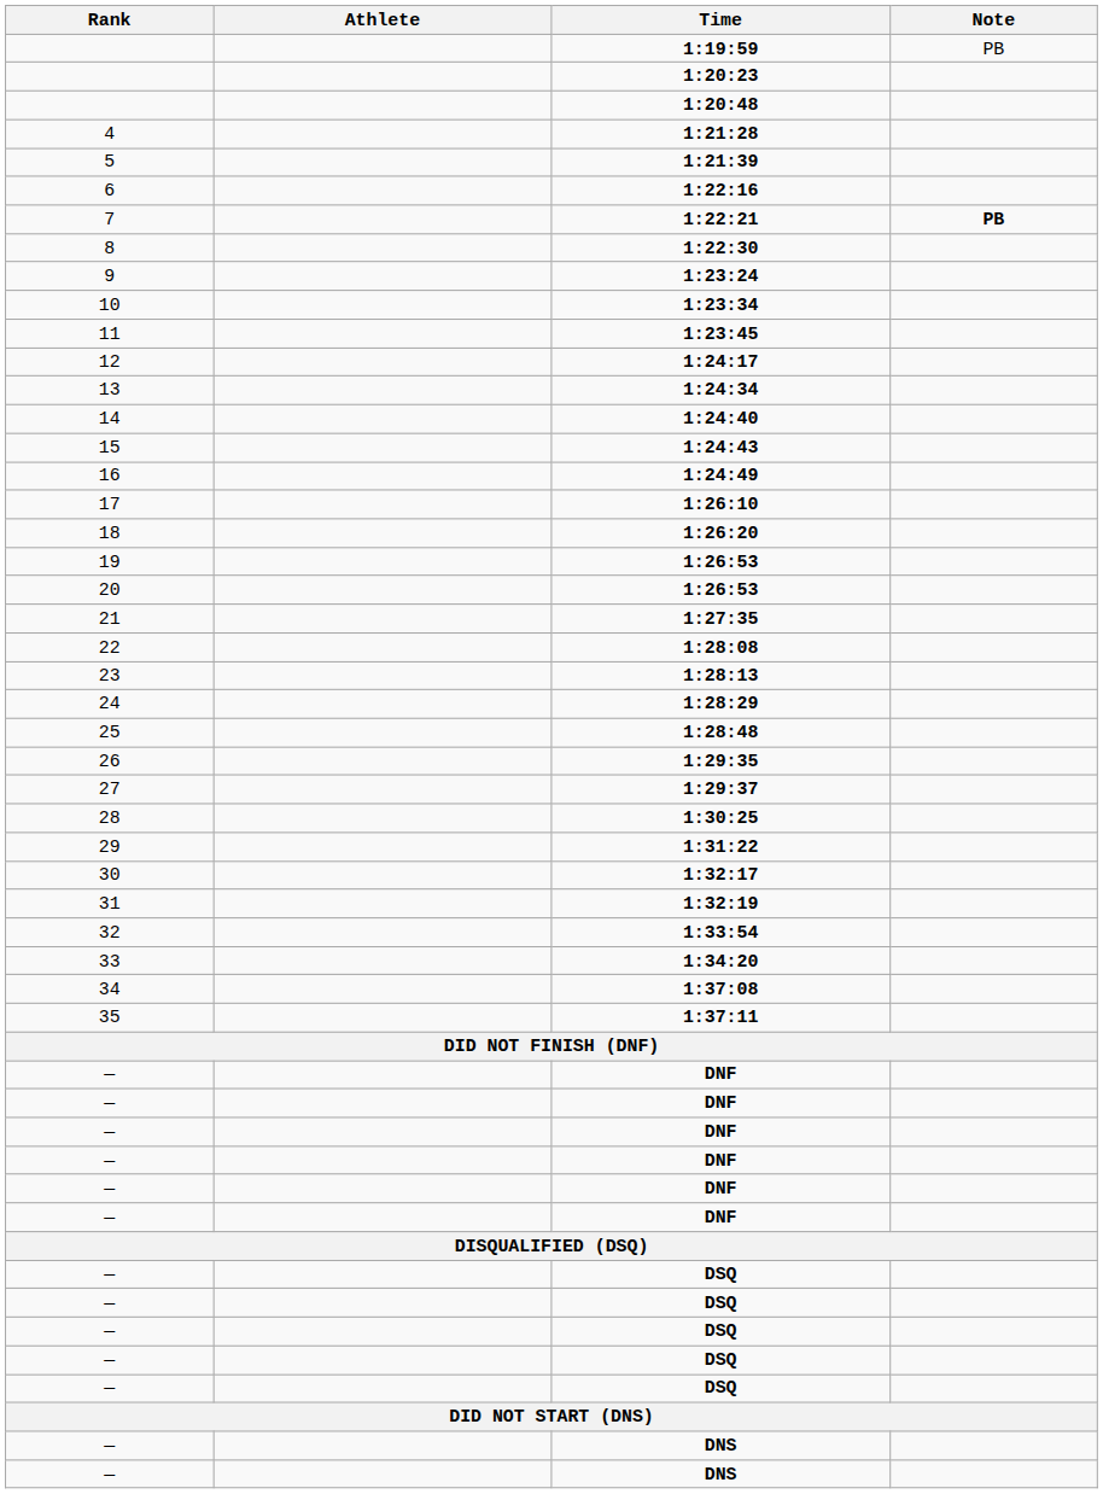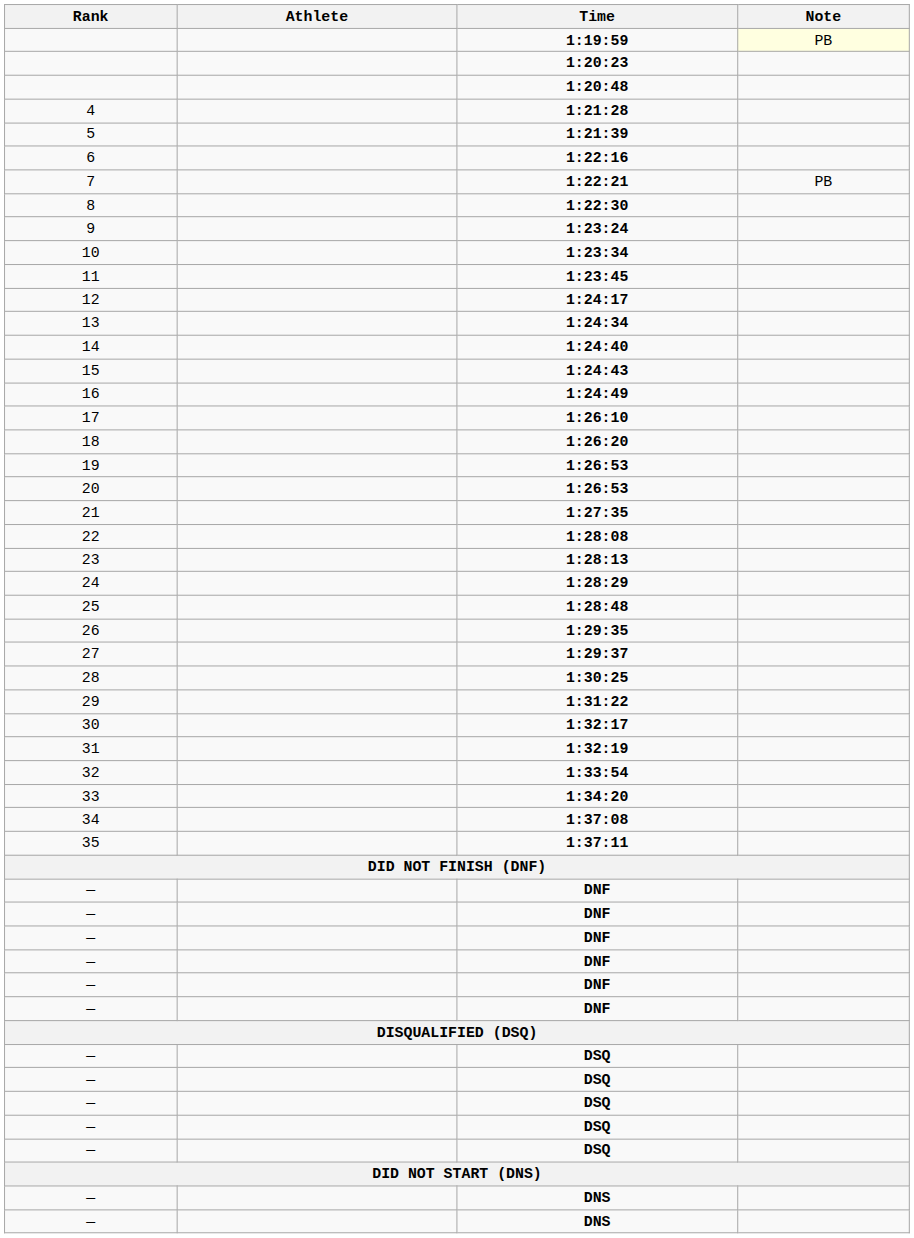 <table class="wikitable" style=" text-align:center; font-size:110%;" width="55%">
 <tr>
 <th>Rank</th>
 <th>Athlete</th>
 <th>Time</th>
 <th>Note</th>
 </tr>
 <tr>
 <td></td>
 <td align=left></td>
 <td><strong>1:19:59</strong></td>
-<td>PB</td>
+<td style="background: lightyellow;">PB</td>
 </tr>
 <tr>
 <td></td>
 <td align=left></td>
 <td><strong>1:20:23</strong></td>
 <td></td>
 </tr>
 <tr>
 <td></td>
 <td align=left></td>
 <td><strong>1:20:48</strong></td>
 <td></td>
 </tr>
 <tr>
 <td>4</td>
 <td align=left></td>
 <td><strong>1:21:28</strong></td>
 <td></td>
 </tr>
 <tr>
 <td>5</td>
 <td align=left></td>
 <td><strong>1:21:39</strong></td>
 <td></td>
 </tr>
 <tr>
 <td>6</td>
 <td align=left></td>
 <td><strong>1:22:16</strong></td>
 <td></td>
 </tr>
 <tr>
 <td>7</td>
 <td align=left></td>
 <td><strong>1:22:21</strong></td>
-<td><strong>PB</strong></td>
+<td>PB</td>
 </tr>
 <tr>
 <td>8</td>
 <td align=left></td>
 <td><strong>1:22:30</strong></td>
 <td></td>
 </tr>
 <tr>
 <td>9</td>
 <td align=left></td>
 <td><strong>1:23:24</strong></td>
 <td></td>
 </tr>
 <tr>
 <td>10</td>
 <td align=left></td>
 <td><strong>1:23:34</strong></td>
 <td></td>
 </tr>
 <tr>
 <td>11</td>
 <td align=left></td>
 <td><strong>1:23:45</strong></td>
 <td></td>
 </tr>
 <tr>
 <td>12</td>
 <td align=left></td>
 <td><strong>1:24:17</strong></td>
 <td></td>
 </tr>
 <tr>
 <td>13</td>
 <td align=left></td>
 <td><strong>1:24:34</strong></td>
 <td></td>
 </tr>
 <tr>
 <td>14</td>
 <td align=left></td>
 <td><strong>1:24:40</strong></td>
 <td></td>
 </tr>
 <tr>
 <td>15</td>
 <td align=left></td>
 <td><strong>1:24:43</strong></td>
 <td></td>
 </tr>
 <tr>
 <td>16</td>
 <td align=left></td>
 <td><strong>1:24:49</strong></td>
 <td></td>
 </tr>
 <tr>
 <td>17</td>
 <td align=left></td>
 <td><strong>1:26:10</strong></td>
 <td></td>
 </tr>
 <tr>
 <td>18</td>
 <td align=left></td>
 <td><strong>1:26:20</strong></td>
 <td></td>
 </tr>
 <tr>
 <td>19</td>
 <td align=left></td>
 <td><strong>1:26:53</strong></td>
 <td></td>
 </tr>
 <tr>
 <td>20</td>
 <td align=left></td>
 <td><strong>1:26:53</strong></td>
 <td></td>
 </tr>
 <tr>
 <td>21</td>
 <td align=left></td>
 <td><strong>1:27:35</strong></td>
 <td></td>
 </tr>
 <tr>
 <td>22</td>
 <td align=left></td>
 <td><strong>1:28:08</strong></td>
 <td></td>
 </tr>
 <tr>
 <td>23</td>
 <td align=left></td>
 <td><strong>1:28:13</strong></td>
 <td></td>
 </tr>
 <tr>
 <td>24</td>
 <td align=left></td>
 <td><strong>1:28:29</strong></td>
 <td></td>
 </tr>
 <tr>
 <td>25</td>
 <td align=left></td>
 <td><strong>1:28:48</strong></td>
 <td></td>
 </tr>
 <tr>
 <td>26</td>
 <td align=left></td>
 <td><strong>1:29:35</strong></td>
 <td></td>
 </tr>
 <tr>
 <td>27</td>
 <td align=left></td>
 <td><strong>1:29:37</strong></td>
 <td></td>
 </tr>
 <tr>
 <td>28</td>
 <td align=left></td>
 <td><strong>1:30:25</strong></td>
 <td></td>
 </tr>
 <tr>
 <td>29</td>
 <td align=left></td>
 <td><strong>1:31:22</strong></td>
 <td></td>
 </tr>
 <tr>
 <td>30</td>
 <td align=left></td>
 <td><strong>1:32:17</strong></td>
 <td></td>
 </tr>
 <tr>
 <td>31</td>
 <td align=left></td>
 <td><strong>1:32:19</strong></td>
 <td></td>
 </tr>
 <tr>
 <td>32</td>
 <td align=left></td>
 <td><strong>1:33:54</strong></td>
 <td></td>
 </tr>
 <tr>
 <td>33</td>
 <td align=left></td>
 <td><strong>1:34:20</strong></td>
 <td></td>
 </tr>
 <tr>
 <td>34</td>
 <td align=left></td>
 <td><strong>1:37:08</strong></td>
 <td></td>
 </tr>
 <tr>
 <td>35</td>
 <td align=left></td>
 <td><strong>1:37:11</strong></td>
 <td></td>
 </tr>
 <tr>
 <th colspan="4">DID NOT FINISH (DNF)</th>
 </tr>
 <tr>
 <td>—</td>
 <td align=left></td>
 <td><strong>DNF</strong></td>
 <td></td>
 </tr>
 <tr>
 <td>—</td>
 <td align=left></td>
 <td><strong>DNF</strong></td>
 <td></td>
 </tr>
 <tr>
 <td>—</td>
 <td align=left></td>
 <td><strong>DNF</strong></td>
 <td></td>
 </tr>
 <tr>
 <td>—</td>
 <td align=left></td>
 <td><strong>DNF</strong></td>
 <td></td>
 </tr>
 <tr>
 <td>—</td>
 <td align=left></td>
 <td><strong>DNF</strong></td>
 <td></td>
 </tr>
 <tr>
 <td>—</td>
 <td align=left></td>
 <td><strong>DNF</strong></td>
 <td></td>
 </tr>
 <tr>
 <th colspan="4">DISQUALIFIED (DSQ)</th>
 </tr>
 <tr>
 <td>—</td>
 <td align=left></td>
 <td><strong>DSQ</strong></td>
 <td></td>
 </tr>
 <tr>
 <td>—</td>
 <td align=left></td>
 <td><strong>DSQ</strong></td>
 <td></td>
 </tr>
 <tr>
 <td>—</td>
 <td align=left></td>
 <td><strong>DSQ</strong></td>
 <td></td>
 </tr>
 <tr>
 <td>—</td>
 <td align=left></td>
 <td><strong>DSQ</strong></td>
 <td></td>
 </tr>
 <tr>
 <td>—</td>
 <td align=left></td>
 <td><strong>DSQ</strong></td>
 <td></td>
 </tr>
 <tr>
 <th colspan="4">DID NOT START (DNS)</th>
 </tr>
 <tr>
 <td>—</td>
 <td align=left></td>
 <td><strong>DNS</strong></td>
 <td></td>
 </tr>
 <tr>
 <td>—</td>
 <td align=left></td>
 <td><strong>DNS</strong></td>
 <td></td>
 </tr>
 </table>
